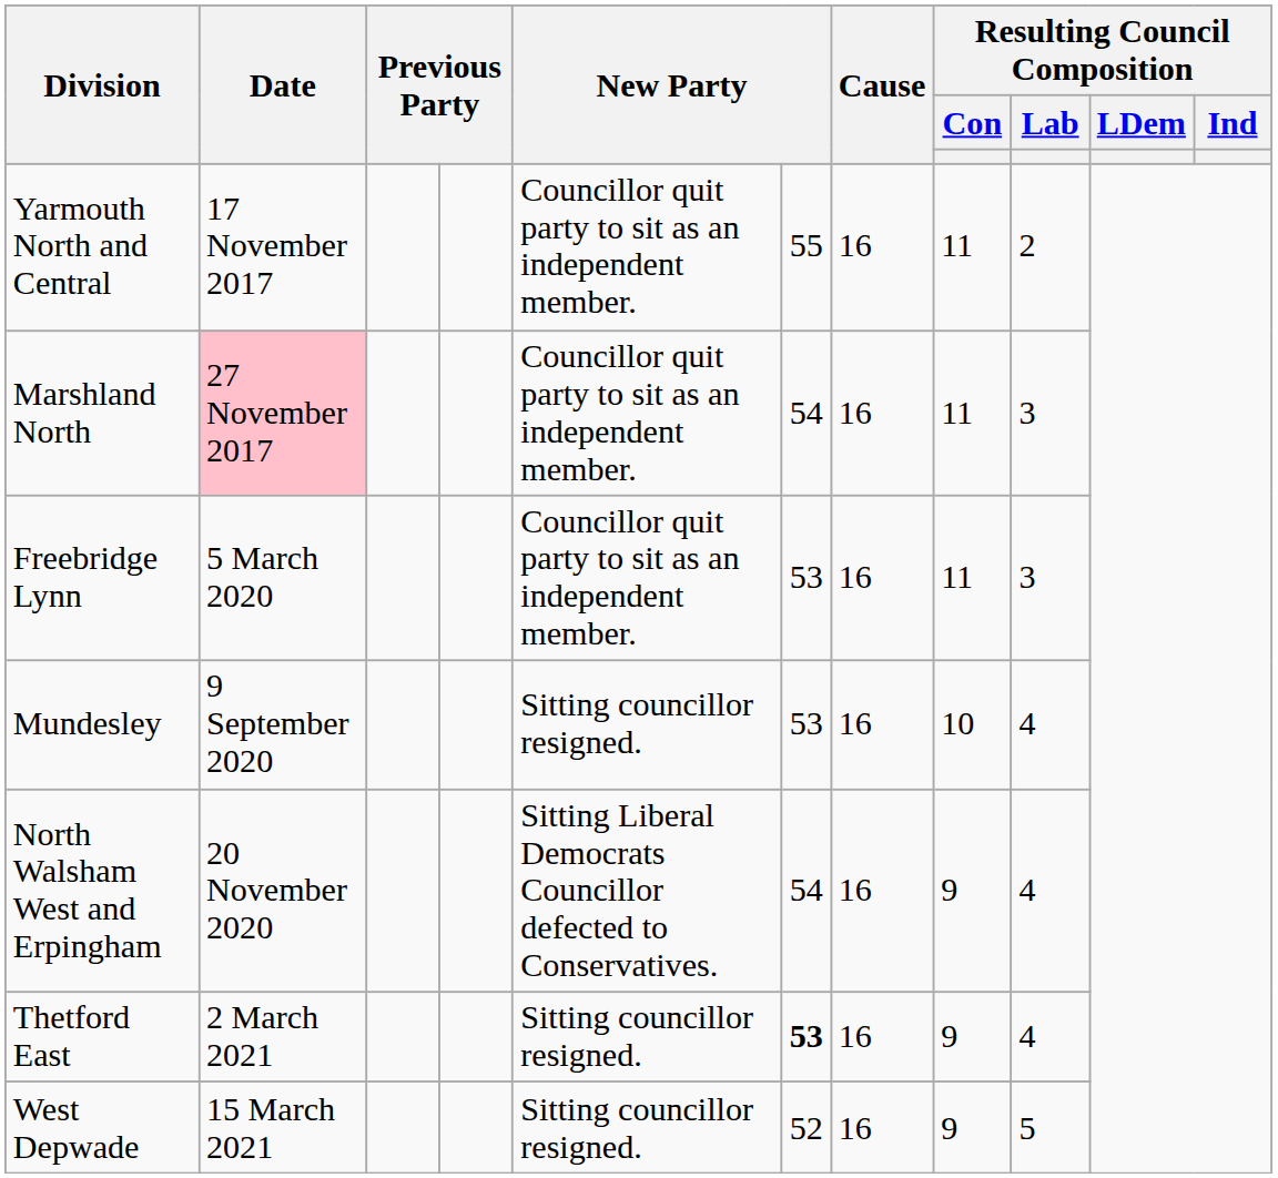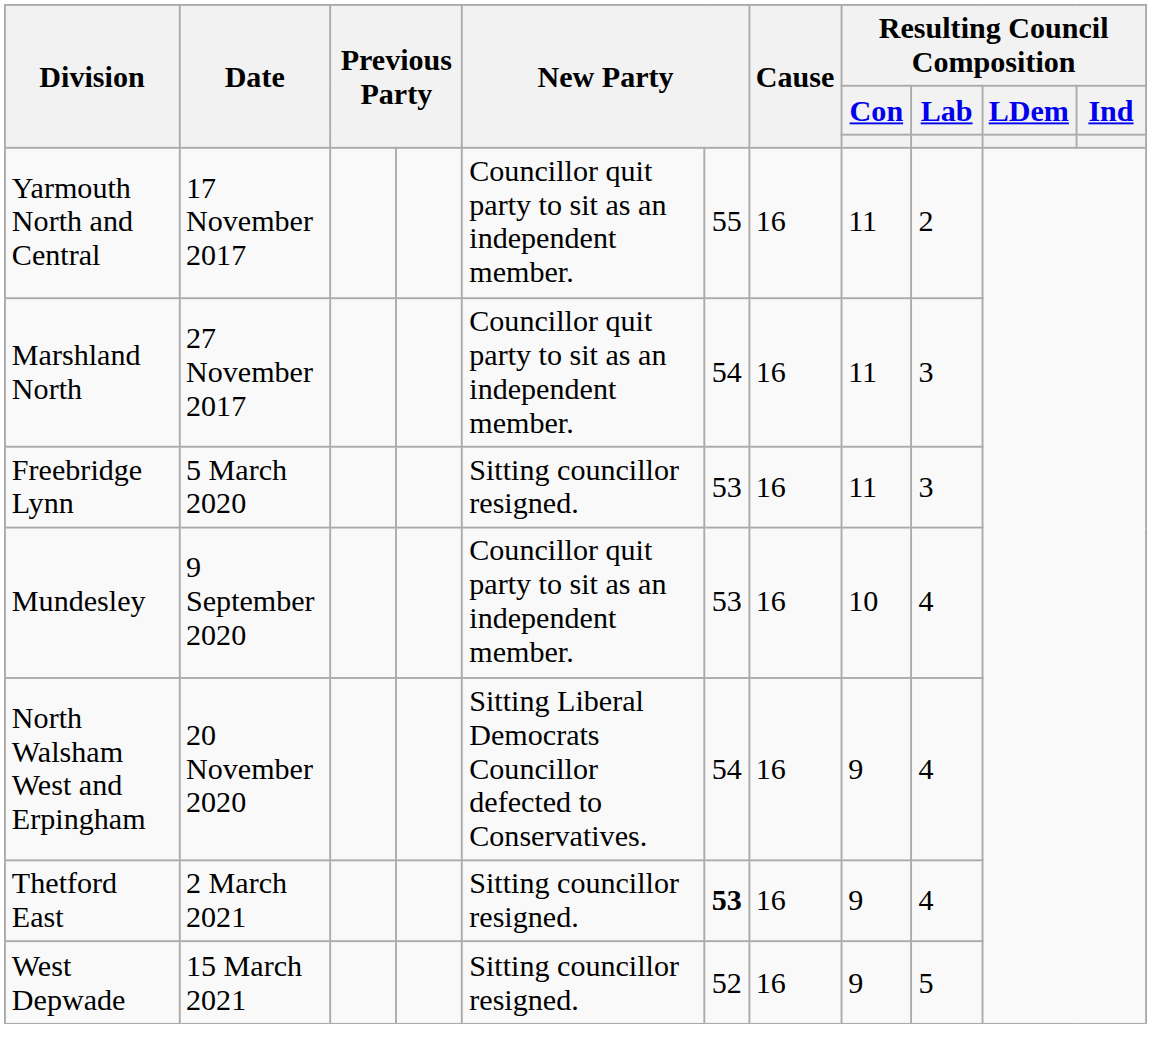 <table class="wikitable">
 <tr>
 <th !  rowspan="3">Division</th>
 <th ! rowspan="3">Date</th>
 <th !  rowspan=3  colspan=2>Previous Party</th>
 <th !  rowspan=3 colspan=2>New Party</th>
 <th ! rowspan="3">Cause</th>
 <th ! colspan="6">Resulting Council Composition</th>
 </tr>
 <tr>
 <th style="width:30px;" class="unsortable"><a href='#'>Con</a></th>
 <th style="width:30px;" class="unsortable"><a href='#'>Lab</a></th>
 <th style="width:30px;" class="unsortable"><a href='#'>LDem</a></th>
 <th style="width:30px;" class="unsortable"><a href='#'>Ind</a></th>
 </tr>
 <tr>
 <th class="unsortable" style="color:inherit;background:"></th>
 <th class="unsortable" style="color:inherit;background:"></th>
 <th class="unsortable" style="color:inherit;background:"></th>
 <th class="unsortable" style="color:inherit;background:"></th>
 </tr>
 <tr>
 <td>Yarmouth North and Central</td>
 <td>17 November 2017</td>
 <td></td>
 <td></td>
 <td>Councillor quit party to sit as an independent member.</td>
 <td>55</td>
 <td>16</td>
 <td>11</td>
 <td>2</td>
 </tr>
 <tr>
 <td>Marshland North</td>
-<td style="background: pink;">27 November 2017</td>
+<td>27 November 2017</td>
 <td></td>
 <td></td>
 <td>Councillor quit party to sit as an independent member.</td>
 <td>54</td>
 <td>16</td>
 <td>11</td>
 <td>3</td>
 </tr>
 <tr>
 <td>Freebridge Lynn</td>
 <td>5 March 2020</td>
 <td></td>
 <td></td>
-<td>Councillor quit party to sit as an independent member.</td>
+<td>Sitting councillor resigned.</td>
 <td>53</td>
 <td>16</td>
 <td>11</td>
 <td>3</td>
 </tr>
 <tr>
 <td>Mundesley</td>
 <td>9 September 2020</td>
 <td></td>
 <td></td>
-<td>Sitting councillor resigned.</td>
+<td>Councillor quit party to sit as an independent member.</td>
 <td>53</td>
 <td>16</td>
 <td>10</td>
 <td>4</td>
 </tr>
 <tr>
 <td>North Walsham West and Erpingham</td>
 <td>20 November 2020</td>
 <td></td>
 <td></td>
 <td>Sitting Liberal Democrats Councillor defected to Conservatives.</td>
 <td>54</td>
 <td>16</td>
 <td>9</td>
 <td>4</td>
 </tr>
 <tr>
 <td>Thetford East</td>
 <td>2 March 2021</td>
 <td></td>
 <td></td>
 <td>Sitting councillor resigned.</td>
 <td><strong>53</strong></td>
 <td>16</td>
 <td>9</td>
 <td>4</td>
 </tr>
 <tr>
 <td>West Depwade</td>
 <td>15 March 2021</td>
 <td></td>
 <td></td>
 <td>Sitting councillor resigned.</td>
 <td>52</td>
 <td>16</td>
 <td>9</td>
 <td>5</td>
 </tr>
 <tr>
 </tr>
 </table>
